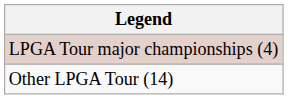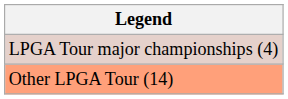 <table class="wikitable" style="font-size:95%;">
 <tr>
 <th>Legend</th>
 </tr>
 <tr style="background:#e5d1cb;">
 <td>LPGA Tour major championships (4)</td>
 </tr>
 <tr>
-<td>Other LPGA Tour (14)</td>
+<td style="background: lightsalmon;">Other LPGA Tour (14)</td>
 </tr>
 </table>
